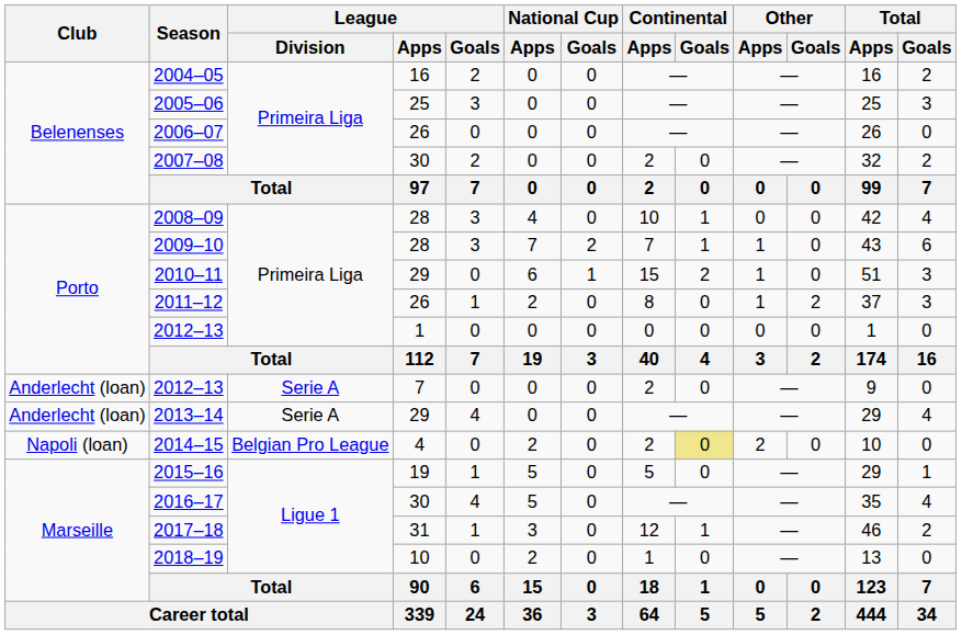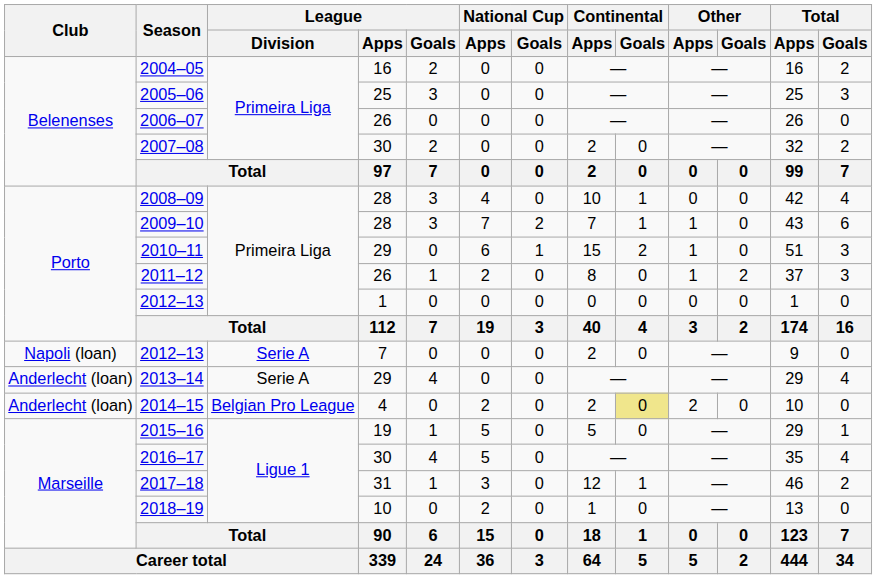 <table class="wikitable" style="text-align: center;">
 <tr>
 <th rowspan="2">Club</th>
 <th rowspan="2">Season</th>
 <th colspan="3">League</th>
 <th colspan="2">National Cup</th>
 <th colspan="2">Continental</th>
 <th colspan="2">Other</th>
 <th colspan="2">Total</th>
 </tr>
 <tr>
 <th>Division</th>
 <th>Apps</th>
 <th>Goals</th>
 <th>Apps</th>
 <th>Goals</th>
 <th>Apps</th>
 <th>Goals</th>
 <th>Apps</th>
 <th>Goals</th>
 <th>Apps</th>
 <th>Goals</th>
 </tr>
 <tr>
 <td rowspan="5"><a href='#'>Belenenses</a></td>
 <td><a href='#'>2004–05</a></td>
 <td rowspan="4"><a href='#'>Primeira Liga</a></td>
 <td>16</td>
 <td>2</td>
 <td>0</td>
 <td>0</td>
 <td colspan="2“">—</td>
 <td colspan="2“">—</td>
 <td>16</td>
 <td>2</td>
 </tr>
 <tr>
 <td><a href='#'>2005–06</a></td>
 <td>25</td>
 <td>3</td>
 <td>0</td>
 <td>0</td>
 <td colspan="2“">—</td>
 <td colspan="2“">—</td>
 <td>25</td>
 <td>3</td>
 </tr>
 <tr>
 <td><a href='#'>2006–07</a></td>
 <td>26</td>
 <td>0</td>
 <td>0</td>
 <td>0</td>
 <td colspan="2“">—</td>
 <td colspan="2“">—</td>
 <td>26</td>
 <td>0</td>
 </tr>
 <tr>
 <td><a href='#'>2007–08</a></td>
 <td>30</td>
 <td>2</td>
 <td>0</td>
 <td>0</td>
 <td>2</td>
 <td>0</td>
 <td colspan="2“">—</td>
 <td>32</td>
 <td>2</td>
 </tr>
 <tr>
 <th colspan="2">Total</th>
 <th>97</th>
 <th>7</th>
 <th>0</th>
 <th>0</th>
 <th>2</th>
 <th>0</th>
 <th>0</th>
 <th>0</th>
 <th>99</th>
 <th>7</th>
 </tr>
 <tr>
 <td rowspan="6"><a href='#'>Porto</a></td>
 <td><a href='#'>2008–09</a></td>
 <td rowspan="5">Primeira Liga</td>
 <td>28</td>
 <td>3</td>
 <td>4</td>
 <td>0</td>
 <td>10</td>
 <td>1</td>
 <td>0</td>
 <td>0</td>
 <td>42</td>
 <td>4</td>
 </tr>
 <tr>
 <td><a href='#'>2009–10</a></td>
 <td>28</td>
 <td>3</td>
 <td>7</td>
 <td>2</td>
 <td>7</td>
 <td>1</td>
 <td>1</td>
 <td>0</td>
 <td>43</td>
 <td>6</td>
 </tr>
 <tr>
 <td><a href='#'>2010–11</a></td>
 <td>29</td>
 <td>0</td>
 <td>6</td>
 <td>1</td>
 <td>15</td>
 <td>2</td>
 <td>1</td>
 <td>0</td>
 <td>51</td>
 <td>3</td>
 </tr>
 <tr>
 <td><a href='#'>2011–12</a></td>
 <td>26</td>
 <td>1</td>
 <td>2</td>
 <td>0</td>
 <td>8</td>
 <td>0</td>
 <td>1</td>
 <td>2</td>
 <td>37</td>
 <td>3</td>
 </tr>
 <tr>
 <td><a href='#'>2012–13</a></td>
 <td>1</td>
 <td>0</td>
 <td>0</td>
 <td>0</td>
 <td>0</td>
 <td>0</td>
 <td>0</td>
 <td>0</td>
 <td>1</td>
 <td>0</td>
 </tr>
 <tr>
 <th colspan="2">Total</th>
 <th>112</th>
 <th>7</th>
 <th>19</th>
 <th>3</th>
 <th>40</th>
 <th>4</th>
 <th>3</th>
 <th>2</th>
 <th>174</th>
 <th>16</th>
 </tr>
 <tr>
-<td><a href='#'>Anderlecht</a> (loan)</td>
+<td><a href='#'>Napoli</a> (loan)</td>
 <td><a href='#'>2012–13</a></td>
 <td><a href='#'>Serie A</a></td>
 <td>7</td>
 <td>0</td>
 <td>0</td>
 <td>0</td>
 <td>2</td>
 <td>0</td>
 <td colspan="2“">—</td>
 <td>9</td>
 <td>0</td>
 </tr>
 <tr>
 <td><a href='#'>Anderlecht</a> (loan)</td>
 <td><a href='#'>2013–14</a></td>
 <td>Serie A</td>
 <td>29</td>
 <td>4</td>
 <td>0</td>
 <td>0</td>
 <td colspan="2“">—</td>
 <td colspan="2“">—</td>
 <td>29</td>
 <td>4</td>
 </tr>
 <tr>
-<td><a href='#'>Napoli</a> (loan)</td>
+<td><a href='#'>Anderlecht</a> (loan)</td>
 <td><a href='#'>2014–15</a></td>
 <td><a href='#'>Belgian Pro League</a></td>
 <td>4</td>
 <td>0</td>
 <td>2</td>
 <td>0</td>
 <td>2</td>
 <td style="background: khaki;">0</td>
 <td>2</td>
 <td>0</td>
 <td>10</td>
 <td>0</td>
 </tr>
 <tr>
 <td rowspan="5"><a href='#'>Marseille</a></td>
 <td><a href='#'>2015–16</a></td>
 <td rowspan="4"><a href='#'>Ligue 1</a></td>
 <td>19</td>
 <td>1</td>
 <td>5</td>
 <td>0</td>
 <td>5</td>
 <td>0</td>
 <td colspan="2“">—</td>
 <td>29</td>
 <td>1</td>
 </tr>
 <tr>
 <td><a href='#'>2016–17</a></td>
 <td>30</td>
 <td>4</td>
 <td>5</td>
 <td>0</td>
 <td colspan="2“">—</td>
 <td colspan="2“">—</td>
 <td>35</td>
 <td>4</td>
 </tr>
 <tr>
 <td><a href='#'>2017–18</a></td>
 <td>31</td>
 <td>1</td>
 <td>3</td>
 <td>0</td>
 <td>12</td>
 <td>1</td>
 <td colspan="2“">—</td>
 <td>46</td>
 <td>2</td>
 </tr>
 <tr>
 <td><a href='#'>2018–19</a></td>
 <td>10</td>
 <td>0</td>
 <td>2</td>
 <td>0</td>
 <td>1</td>
 <td>0</td>
 <td colspan="2“">—</td>
 <td>13</td>
 <td>0</td>
 </tr>
 <tr>
 <th colspan="2">Total</th>
 <th>90</th>
 <th>6</th>
 <th>15</th>
 <th>0</th>
 <th>18</th>
 <th>1</th>
 <th>0</th>
 <th>0</th>
 <th>123</th>
 <th>7</th>
 </tr>
 <tr>
 <th colspan="3">Career total</th>
 <th>339</th>
 <th>24</th>
 <th>36</th>
 <th>3</th>
 <th>64</th>
 <th>5</th>
 <th>5</th>
 <th>2</th>
 <th>444</th>
 <th>34</th>
 </tr>
 </table>
